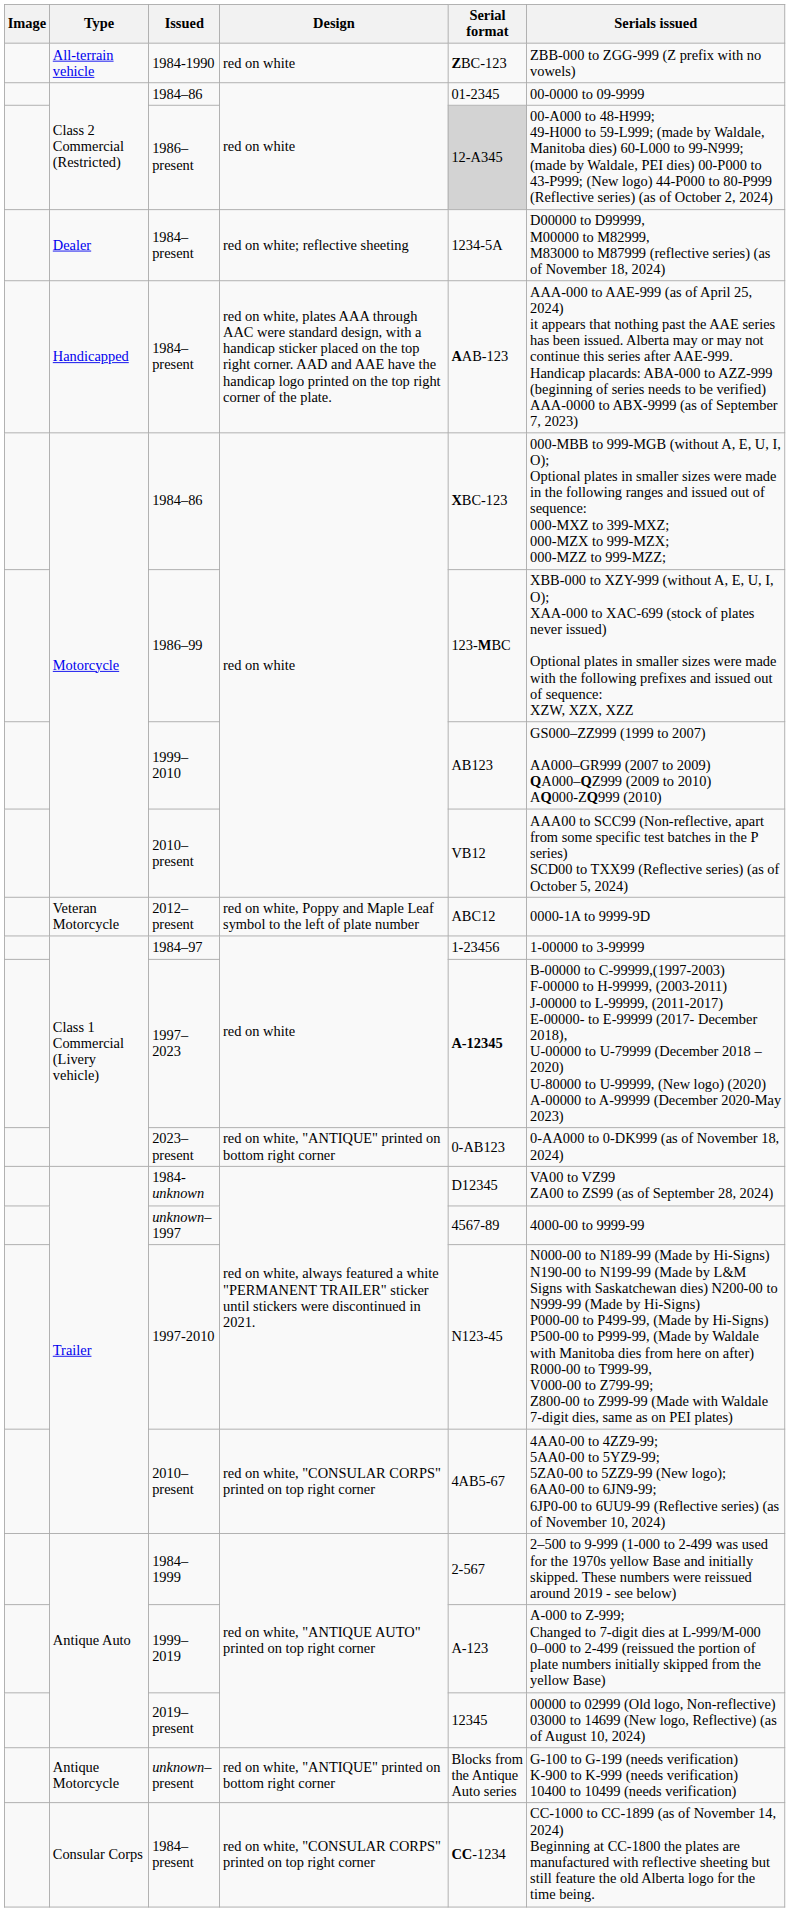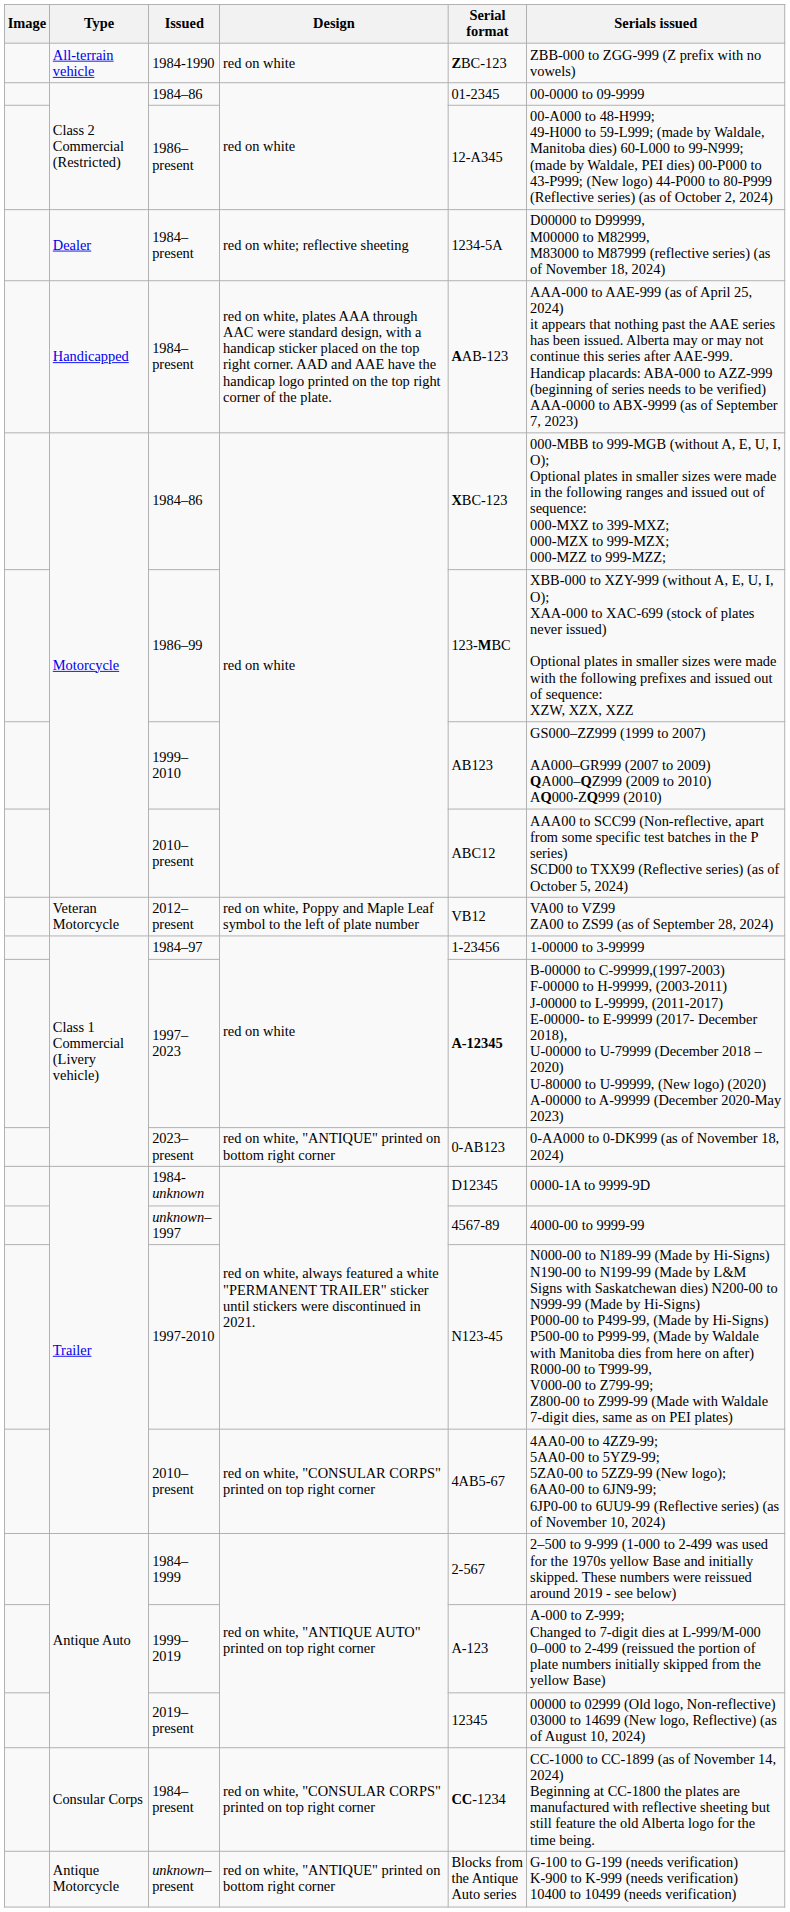 <table class=wikitable>
 <tr>
 <th>Image</th>
 <th>Type</th>
 <th>Issued</th>
 <th>Design</th>
 <th width="80">Serial format</th>
 <th>Serials issued</th>
 </tr>
 <tr>
 <td></td>
 <td><a href='#'>All-terrain vehicle</a></td>
 <td>1984-1990</td>
 <td>red on white</td>
 <td><strong>Z</strong>BC-123</td>
 <td>ZBB-000 to ZGG-999 (Z prefix with no vowels)</td>
 </tr>
 <tr>
 <td></td>
 <td rowspan=2>Class 2 Commercial<br>(Restricted)</td>
 <td>1984–86</td>
 <td rowspan=2>red on white</td>
 <td>01-2345</td>
 <td>00-0000 to 09-9999</td>
 </tr>
 <tr>
 <td><br>   </td>
 <td>1986–present</td>
-<td style="background: lightgrey;">12-A345</td>
+<td>12-A345</td>
 <td>00-A000 to 48-H999;<br>49-H000 to 59-L999; (made by Waldale, Manitoba dies) 60-L000 to 99-N999; (made by Waldale, PEI dies)  00-P000 to 43-P999; (New logo)  44-P000 to 80-P999 (Reflective series) (as of October 2, 2024)</td>
 </tr>
 <tr>
 <td><br> </td>
 <td><a href='#'>Dealer</a></td>
 <td>1984–present</td>
 <td>red on white; reflective sheeting</td>
 <td>1234-5A</td>
 <td>D00000 to D99999,<br>M00000 to M82999,<br>M83000 to M87999 (reflective series) (as of November 18, 2024)</td>
 </tr>
 <tr>
 <td></td>
 <td><a href='#'>Handicapped</a></td>
 <td>1984–present</td>
 <td>red on white, plates AAA through AAC were standard design, with a handicap sticker placed on the top right corner. AAD and AAE have the handicap logo printed on the top right corner of the plate.</td>
 <td><strong>A</strong>AB-123</td>
 <td>AAA-000 to AAE-999 (as of April 25, 2024)<br>it appears that nothing past the AAE series has been issued. Alberta may or may not continue this series after AAE-999.  Handicap placards:  ABA-000 to AZZ-999 (beginning of series needs to be verified)  AAA-0000 to ABX-9999 (as of September 7, 2023)</td>
 </tr>
 <tr>
 <td></td>
 <td rowspan=4><a href='#'>Motorcycle</a></td>
 <td>1984–86</td>
 <td rowspan="4">red on white</td>
 <td><strong>X</strong>BC-123</td>
 <td>000-MBB to 999-MGB (without A, E, U, I, O);<br>Optional plates in smaller sizes were made in the following ranges and issued out of sequence:<br> 000-MXZ to 399-MXZ;<br> 000-MZX to 999-MZX; <br> 000-MZZ to 999-MZZ;<br></td>
 </tr>
 <tr>
 <td></td>
 <td>1986–99</td>
 <td>123-<strong>M</strong>BC</td>
 <td>XBB-000 to XZY-999 (without A, E, U, I, O);<br>XAA-000 to XAC-699 (stock of plates never issued)<br><br>Optional plates in smaller sizes were made with the following prefixes and issued out of sequence:<br> XZW, XZX, XZZ</td>
 </tr>
 <tr>
 <td><br>    </td>
 <td>1999–2010</td>
 <td>AB123</td>
 <td>GS000–ZZ999 (1999 to 2007)<br><br>AA000–GR999 (2007 to 2009) <br>  <strong>Q</strong>A000–<strong>Q</strong>Z999 (2009 to 2010) <br>  A<strong>Q</strong>000-Z<strong>Q</strong>999 (2010) <br></td>
 </tr>
 <tr>
 <td><br>  </td>
 <td>2010–present</td>
-<td>VB12</td>
+<td>ABC12</td>
 <td>AAA00 to SCC99 (Non-reflective, apart from some specific test batches in the P series)<br>SCD00 to TXX99 (Reflective series) (as of October 5, 2024)</td>
 </tr>
 <tr>
 <td></td>
 <td>Veteran Motorcycle</td>
 <td>2012–present</td>
 <td>red on white, Poppy and Maple Leaf symbol to the left of plate number</td>
-<td>ABC12</td>
-<td>0000-1A to 9999-9D</td>
+<td>VB12</td>
+<td>VA00 to VZ99<br>ZA00 to ZS99 (as of September 28, 2024)</td>
 </tr>
 <tr>
 <td></td>
 <td rowspan=3>Class 1 Commercial (Livery vehicle)</td>
 <td>1984–97</td>
 <td rowspan="2">red on white</td>
 <td>1-23456</td>
 <td>1-00000 to 3-99999</td>
 </tr>
 <tr>
 <td><br> </td>
 <td>1997–2023</td>
 <td><strong>A-12345</strong></td>
 <td>B-00000 to C-99999,(1997-2003)<br>F-00000 to H-99999, (2003-2011)<br>J-00000 to L-99999, (2011-2017)<br>E-00000- to E-99999 (2017- December 2018),<br>U-00000 to U-79999 (December 2018 – 2020)<br>U-80000 to U-99999, (New logo) (2020)<br>A-00000 to A-99999 (December 2020-May 2023)</td>
 </tr>
 <tr>
 <td></td>
 <td>2023–present</td>
 <td>red on white, "ANTIQUE" printed on bottom right corner</td>
 <td>0-AB123</td>
 <td>0-AA000 to 0-DK999 (as of November 18, 2024)</td>
 </tr>
 <tr>
 <td><br></td>
 <td rowspan="4"><a href='#'>Trailer</a></td>
 <td>1984<em>-unknown</em></td>
 <td rowspan="3">red on white, always featured a white "PERMANENT TRAILER" sticker until stickers were discontinued in 2021.</td>
 <td>D12345</td>
-<td>VA00 to VZ99<br>ZA00 to ZS99 (as of September 28, 2024)</td>
+<td>0000-1A to 9999-9D</td>
 </tr>
 <tr>
 <td><br></td>
 <td><em>unknown–</em>1997</td>
 <td>4567-89</td>
 <td>4000-00 to 9999-99</td>
 </tr>
 <tr>
 <td><br>  </td>
 <td>1997-2010</td>
 <td>N123-45</td>
 <td>N000-00 to N189-99 (Made by Hi-Signs)<br>N190-00 to N199-99 (Made by L&M Signs with Saskatchewan dies)  N200-00 to N999-99 (Made by Hi-Signs)<br>P000-00 to P499-99, (Made by Hi-Signs)<br>P500-00 to P999-99, (Made by Waldale with Manitoba dies from here on after)<br>R000-00 to T999-99,<br>V000-00 to Z799-99; <br> Z800-00 to Z999-99 (Made with Waldale 7-digit dies, same as on PEI plates)</td>
 </tr>
 <tr>
 <td><br> </td>
 <td>2010–present</td>
 <td>red on white, "CONSULAR CORPS" printed on top right corner</td>
 <td>4AB5-67</td>
 <td>4AA0-00 to 4ZZ9-99;<br>5AA0-00 to 5YZ9-99;<br>5ZA0-00 to 5ZZ9-99 (New logo);<br>6AA0-00 to 6JN9-99;<br>6JP0-00 to 6UU9-99 (Reflective series) (as of November 10, 2024)</td>
 </tr>
 <tr>
 <td></td>
 <td rowspan="3">Antique Auto</td>
 <td>1984–1999</td>
 <td rowspan="3">red on white, "ANTIQUE AUTO" printed on top right corner</td>
 <td>2-567</td>
 <td>2–500 to 9-999 (1-000 to 2-499 was used for the 1970s yellow Base and initially skipped. These numbers were reissued around 2019 - see below)</td>
 </tr>
 <tr>
 <td></td>
 <td>1999–2019</td>
 <td>A-123</td>
 <td>A-000 to Z-999; <br>Changed to 7-digit dies at L-999/M-000<br>0–000 to 2-499 (reissued the portion of plate numbers initially skipped from the yellow Base)</td>
 </tr>
 <tr>
 <td><br></td>
 <td>2019–present</td>
 <td>12345</td>
 <td>00000 to 02999 (Old logo, Non-reflective)<br>03000 to 14699 (New logo, Reflective) (as of August 10, 2024)</td>
 </tr>
 <tr>
+<td><br><br><br> <br></td>
+<td>Consular Corps</td>
+<td>1984–present</td>
+<td>red on white, "CONSULAR CORPS" printed on top right corner</td>
+<td><strong>CC</strong>-1234</td>
+<td>CC-1000 to CC-1899 (as of November 14, 2024)<br>Beginning at CC-1800 the plates are manufactured with reflective sheeting but still feature the old Alberta logo for the time being.</td>
+</tr>
+<tr>
 <td></td>
 <td>Antique Motorcycle</td>
 <td><em>unknown–</em>present</td>
 <td>red on white, "ANTIQUE" printed on bottom right corner</td>
 <td>Blocks from the Antique Auto series</td>
 <td>G-100 to G-199 (needs verification)<br>K-900 to K-999 (needs verification)<br>10400 to 10499 (needs verification)</td>
 </tr>
-<tr>
-<td><br><br><br> <br></td>
-<td>Consular Corps</td>
-<td>1984–present</td>
-<td>red on white, "CONSULAR CORPS" printed on top right corner</td>
-<td><strong>CC</strong>-1234</td>
-<td>CC-1000 to CC-1899 (as of November 14, 2024)<br>Beginning at CC-1800 the plates are manufactured with reflective sheeting but still feature the old Alberta logo for the time being.</td>
-</tr>
 </table>
